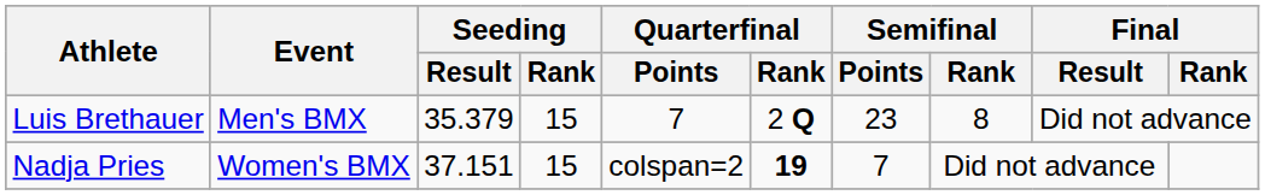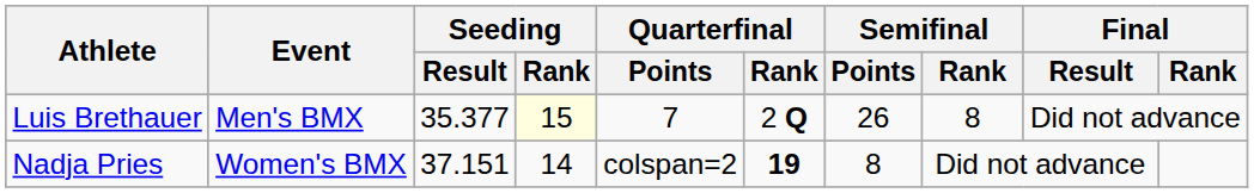 <table class="wikitable" style="font-size:90%;">
 <tr>
 <th rowspan=2>Athlete</th>
 <th rowspan=2>Event</th>
 <th colspan=2>Seeding</th>
 <th colspan=2>Quarterfinal</th>
 <th colspan=2>Semifinal</th>
 <th colspan=2>Final</th>
 </tr>
 <tr style="font-size:95%">
 <th>Result</th>
 <th>Rank</th>
 <th>Points</th>
 <th>Rank</th>
 <th>Points</th>
 <th>Rank</th>
 <th>Result</th>
 <th>Rank</th>
 </tr>
 <tr align=center>
 <td align=left><a href='#'>Luis Brethauer</a></td>
 <td align=left><a href='#'>Men's BMX</a></td>
-<td>35.379</td>
-<td>15</td>
+<td>35.377</td>
+<td style="background: lightyellow;">15</td>
 <td>7</td>
 <td>2 <strong>Q</strong></td>
-<td>23</td>
+<td>26</td>
 <td>8</td>
 <td colspan=2>Did not advance</td>
 </tr>
 <tr align=center>
 <td align=left><a href='#'>Nadja Pries</a></td>
 <td align=left><a href='#'>Women's BMX</a></td>
 <td>37.151</td>
-<td>15</td>
+<td>14</td>
 <td>colspan=2 </td>
 <td><strong>19</strong></td>
-<td>7</td>
+<td>8</td>
 <td colspan=2>Did not advance</td>
 </tr>
 </table>
